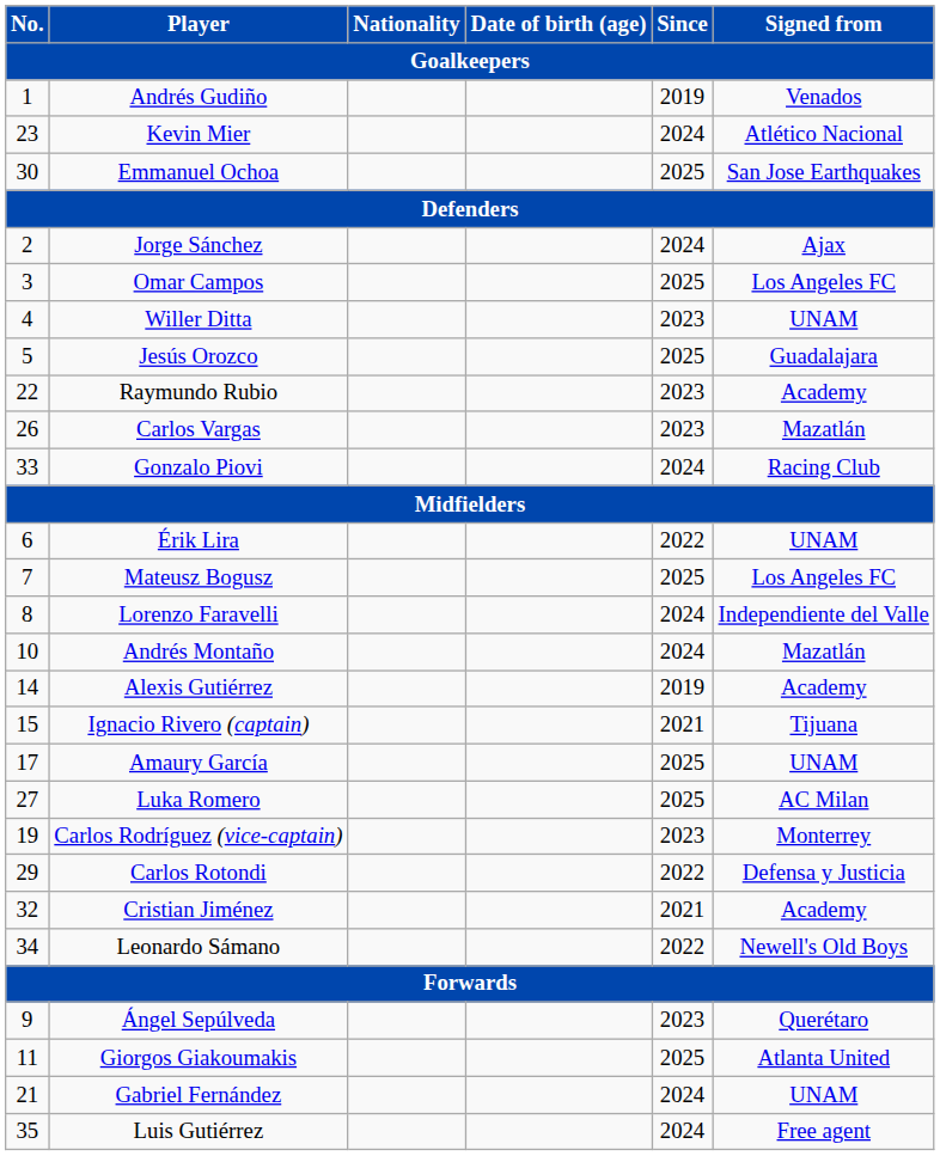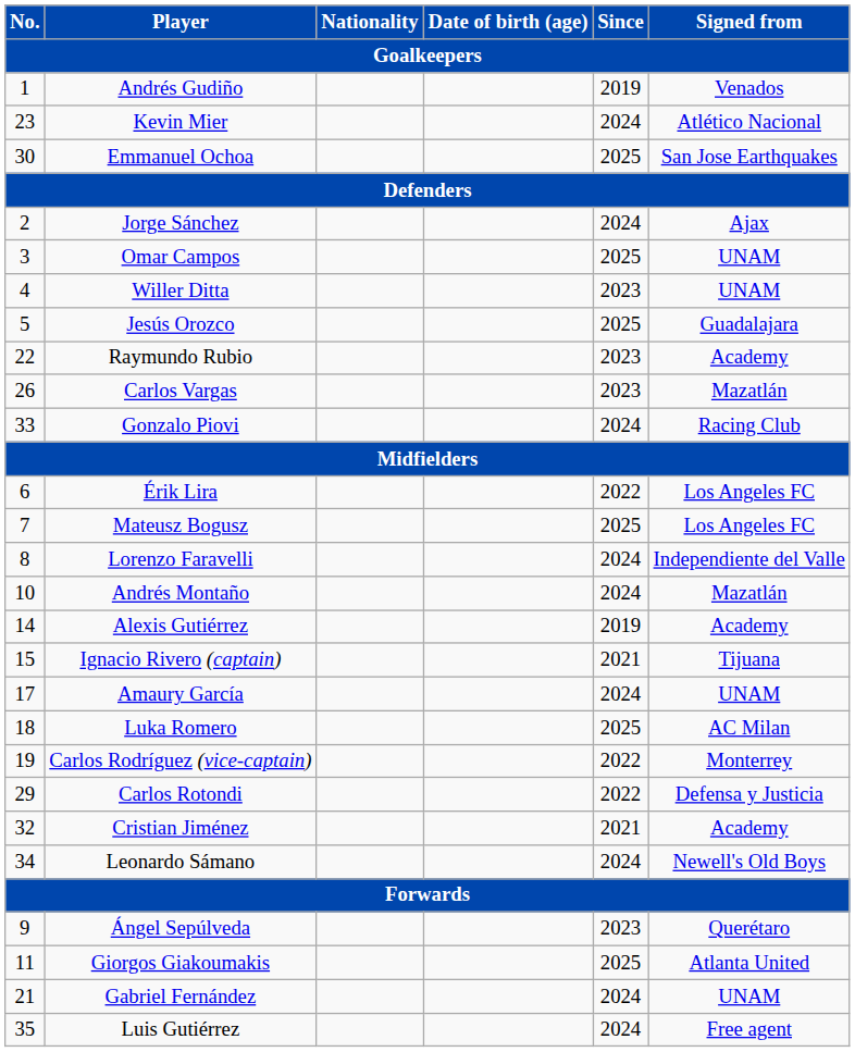 <table class="wikitable sortable" style="text-align:center; font-size:90%; white-space:nowrap;">
 <tr>
 <th style="background:#0046AD; color:white; text-align:center;">No.</th>
 <th style="background:#0046AD; color:white; text-align:center;">Player</th>
 <th style="background:#0046AD; color:white; text-align:center;">Nationality</th>
 <th style="background:#0046AD; color:white; text-align:center;">Date of birth (age)</th>
 <th style="background:#0046AD; color:white; text-align:center;">Since</th>
 <th style="background:#0046AD; color:white; text-align:center;">Signed from</th>
 </tr>
 <tr>
 <th colspan="10" style="background:#0046AD; color:white; text-align:center;"><strong>Goalkeepers</strong></th>
 </tr>
 <tr>
 <td>1</td>
 <td><a href='#'>Andrés Gudiño</a></td>
 <td></td>
 <td></td>
 <td>2019</td>
 <td> <a href='#'>Venados</a></td>
 </tr>
 <tr>
 <td>23</td>
 <td><a href='#'>Kevin Mier</a></td>
 <td></td>
 <td></td>
 <td>2024</td>
 <td> <a href='#'>Atlético Nacional</a></td>
 </tr>
 <tr>
 <td>30</td>
 <td><a href='#'>Emmanuel Ochoa</a></td>
 <td></td>
 <td></td>
 <td>2025</td>
 <td> <a href='#'>San Jose Earthquakes</a></td>
 </tr>
 <tr>
 <th colspan="10" style="background:#0046AD; color:white; text-align:center;"><strong>Defenders</strong></th>
 </tr>
 <tr>
 <td>2</td>
 <td><a href='#'>Jorge Sánchez</a></td>
 <td></td>
 <td></td>
 <td>2024</td>
 <td> <a href='#'>Ajax</a></td>
 </tr>
 <tr>
 <td>3</td>
 <td><a href='#'>Omar Campos</a></td>
 <td></td>
 <td></td>
 <td>2025</td>
-<td> <a href='#'>Los Angeles FC</a></td>
+<td> <a href='#'>UNAM</a></td>
 </tr>
 <tr>
 <td>4</td>
 <td><a href='#'>Willer Ditta</a></td>
 <td></td>
 <td></td>
 <td>2023</td>
 <td> <a href='#'>UNAM</a></td>
 </tr>
 <tr>
 <td>5</td>
 <td><a href='#'>Jesús Orozco</a></td>
 <td></td>
 <td></td>
 <td>2025</td>
 <td> <a href='#'>Guadalajara</a></td>
 </tr>
 <tr>
 <td>22</td>
 <td>Raymundo Rubio</td>
 <td></td>
 <td></td>
 <td>2023</td>
 <td><a href='#'>Academy</a></td>
 </tr>
 <tr>
 <td>26</td>
 <td><a href='#'>Carlos Vargas</a></td>
 <td></td>
 <td></td>
 <td>2023</td>
 <td> <a href='#'>Mazatlán</a></td>
 </tr>
 <tr>
 <td>33</td>
 <td><a href='#'>Gonzalo Piovi</a></td>
 <td></td>
 <td></td>
 <td>2024</td>
 <td> <a href='#'>Racing Club</a></td>
 </tr>
 <tr>
 <th colspan="10" style="background:#0046AD; color:white; text-align:center;"><strong>Midfielders</strong></th>
 </tr>
 <tr>
 <td>6</td>
 <td><a href='#'>Érik Lira</a></td>
 <td></td>
 <td></td>
 <td>2022</td>
-<td> <a href='#'>UNAM</a></td>
+<td> <a href='#'>Los Angeles FC</a></td>
 </tr>
 <tr>
 <td>7</td>
 <td><a href='#'>Mateusz Bogusz</a></td>
 <td></td>
 <td></td>
 <td>2025</td>
 <td> <a href='#'>Los Angeles FC</a></td>
 </tr>
 <tr>
 <td>8</td>
 <td><a href='#'>Lorenzo Faravelli</a></td>
 <td></td>
 <td></td>
 <td>2024</td>
 <td> <a href='#'>Independiente del Valle</a></td>
 </tr>
 <tr>
 <td>10</td>
 <td><a href='#'>Andrés Montaño</a></td>
 <td></td>
 <td></td>
 <td>2024</td>
 <td> <a href='#'>Mazatlán</a></td>
 </tr>
 <tr>
 <td>14</td>
 <td><a href='#'>Alexis Gutiérrez</a></td>
 <td></td>
 <td></td>
 <td>2019</td>
 <td><a href='#'>Academy</a></td>
 </tr>
 <tr>
 <td>15</td>
 <td><a href='#'>Ignacio Rivero</a> <em>(<a href='#'>captain</a>)</em></td>
 <td></td>
 <td></td>
 <td>2021</td>
 <td> <a href='#'>Tijuana</a></td>
 </tr>
 <tr>
 <td>17</td>
 <td><a href='#'>Amaury García</a></td>
 <td></td>
 <td></td>
-<td>2025</td>
+<td>2024</td>
 <td> <a href='#'>UNAM</a></td>
 </tr>
 <tr>
-<td>27</td>
+<td>18</td>
 <td><a href='#'>Luka Romero</a></td>
 <td></td>
 <td></td>
 <td>2025</td>
 <td> <a href='#'>AC Milan</a></td>
 </tr>
 <tr>
 <td>19</td>
 <td><a href='#'>Carlos Rodríguez</a> <em>(<a href='#'>vice-captain</a>)</em></td>
 <td></td>
 <td></td>
-<td>2023</td>
+<td>2022</td>
 <td> <a href='#'>Monterrey</a></td>
 </tr>
 <tr>
 <td>29</td>
 <td><a href='#'>Carlos Rotondi</a></td>
 <td></td>
 <td></td>
 <td>2022</td>
 <td> <a href='#'>Defensa y Justicia</a></td>
 </tr>
 <tr>
 <td>32</td>
 <td><a href='#'>Cristian Jiménez</a></td>
 <td></td>
 <td></td>
 <td>2021</td>
 <td><a href='#'>Academy</a></td>
 </tr>
 <tr>
 <td>34</td>
 <td>Leonardo Sámano</td>
 <td></td>
 <td></td>
-<td>2022</td>
+<td>2024</td>
 <td> <a href='#'>Newell's Old Boys</a></td>
 </tr>
 <tr>
 <th colspan="10" style="background:#0046AD; color:white; text-align:center;"><strong>Forwards</strong></th>
 </tr>
 <tr>
 <td>9</td>
 <td><a href='#'>Ángel Sepúlveda</a></td>
 <td></td>
 <td></td>
 <td>2023</td>
 <td> <a href='#'>Querétaro</a></td>
 </tr>
 <tr>
 <td>11</td>
 <td><a href='#'>Giorgos Giakoumakis</a></td>
 <td></td>
 <td></td>
 <td>2025</td>
 <td> <a href='#'>Atlanta United</a></td>
 </tr>
 <tr>
 <td>21</td>
 <td><a href='#'>Gabriel Fernández</a></td>
 <td></td>
 <td></td>
 <td>2024</td>
 <td> <a href='#'>UNAM</a></td>
 </tr>
 <tr>
 <td>35</td>
 <td>Luis Gutiérrez</td>
 <td></td>
 <td></td>
 <td>2024</td>
 <td><a href='#'>Free agent</a></td>
 </tr>
 </table>
